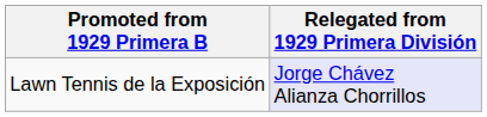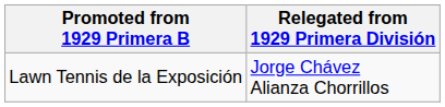 <table class="wikitable">
 <tr>
 <th>Promoted from<br><a href='#'>1929 Primera B</a></th>
 <th>Relegated from<br><a href='#'>1929 Primera División</a></th>
 </tr>
 <tr>
 <td> Lawn Tennis de la Exposición </td>
-<td style="background: lavender;"> <a href='#'>Jorge Chávez</a> <br> Alianza Chorrillos </td>
+<td> <a href='#'>Jorge Chávez</a> <br> Alianza Chorrillos </td>
 </tr>
 </table>
